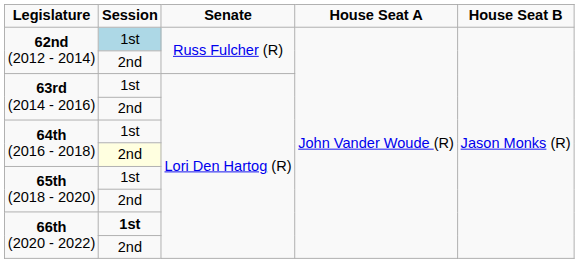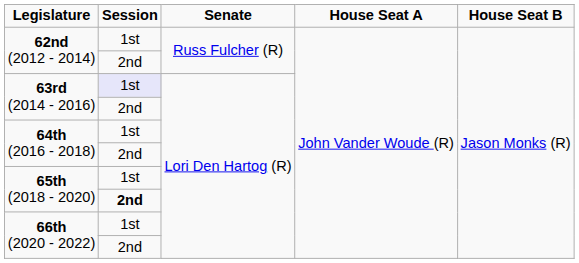 <table class=wikitable style="text-align:center">
 <tr>
 <td><strong>Legislature</strong></td>
 <td><strong>Session</strong></td>
 <td><strong>Senate</strong></td>
 <td><strong>House Seat A</strong></td>
 <td><strong>House Seat B</strong></td>
 </tr>
 <tr>
 <td rowspan="2" colspan="1" style="text-align: center;"><strong>62nd</strong> <br> (2012 - 2014)</td>
-<td style="background: lightblue;">1st</td>
+<td>1st</td>
 <td rowspan="2" colspan="1" style="text-align: center;" ><a href='#'>Russ Fulcher</a> (R)</td>
 <td rowspan="10" colspan="1" style="text-align: center;" ><a href='#'>John Vander Woude </a>(R)</td>
 <td rowspan="10" colspan="1" style="text-align: center;" ><a href='#'>Jason Monks</a> (R)</td>
 </tr>
 <tr>
 <td>2nd</td>
 </tr>
 <tr>
 <td rowspan="2" colspan="1" style="text-align: center;"><strong>63rd</strong> <br> (2014 - 2016)</td>
-<td>1st</td>
+<td style="background: lavender;">1st</td>
 <td rowspan="8" colspan="1" style="text-align: center;" ><a href='#'>Lori Den Hartog</a> (R)</td>
 </tr>
 <tr>
 <td>2nd</td>
 </tr>
 <tr>
 <td rowspan="2" colspan="1" style="text-align: center;"><strong>64th</strong> <br> (2016 - 2018)</td>
 <td>1st</td>
 </tr>
 <tr>
-<td style="background: lightyellow;">2nd</td>
+<td>2nd</td>
 </tr>
 <tr>
 <td rowspan="2" colspan="1" style="text-align: center;"><strong>65th</strong> <br> (2018 - 2020)</td>
 <td>1st</td>
 </tr>
 <tr>
-<td>2nd</td>
+<td><strong>2nd</strong></td>
 </tr>
 <tr>
 <td rowspan="2" colspan="1" style="text-align: center;"><strong>66th</strong> <br> (2020 - 2022)</td>
-<td><strong>1st</strong></td>
+<td>1st</td>
 </tr>
 <tr>
 <td>2nd</td>
 </tr>
 </table>
